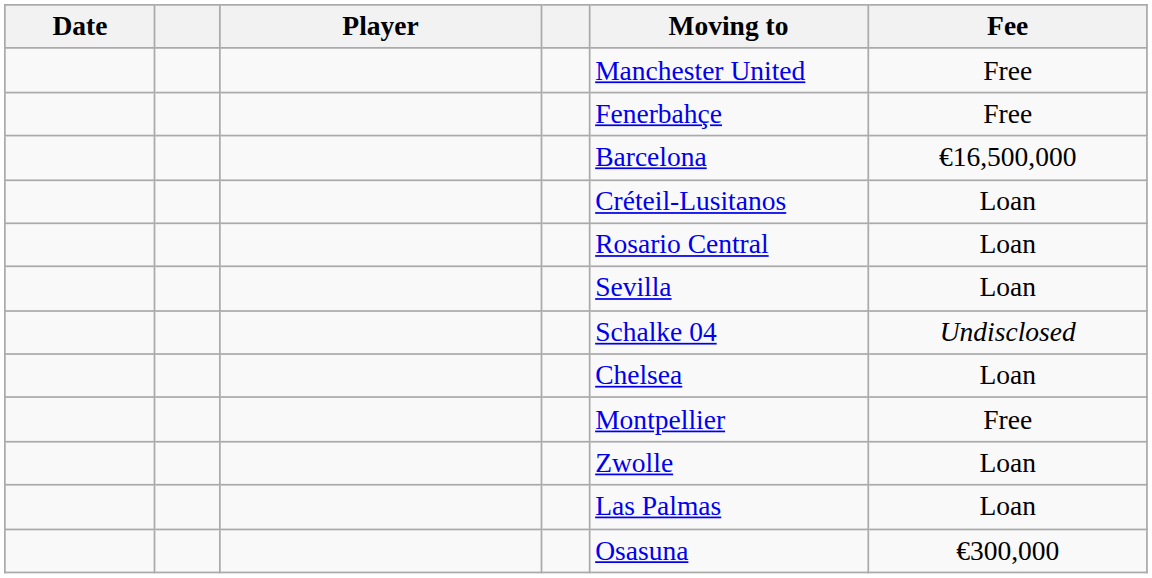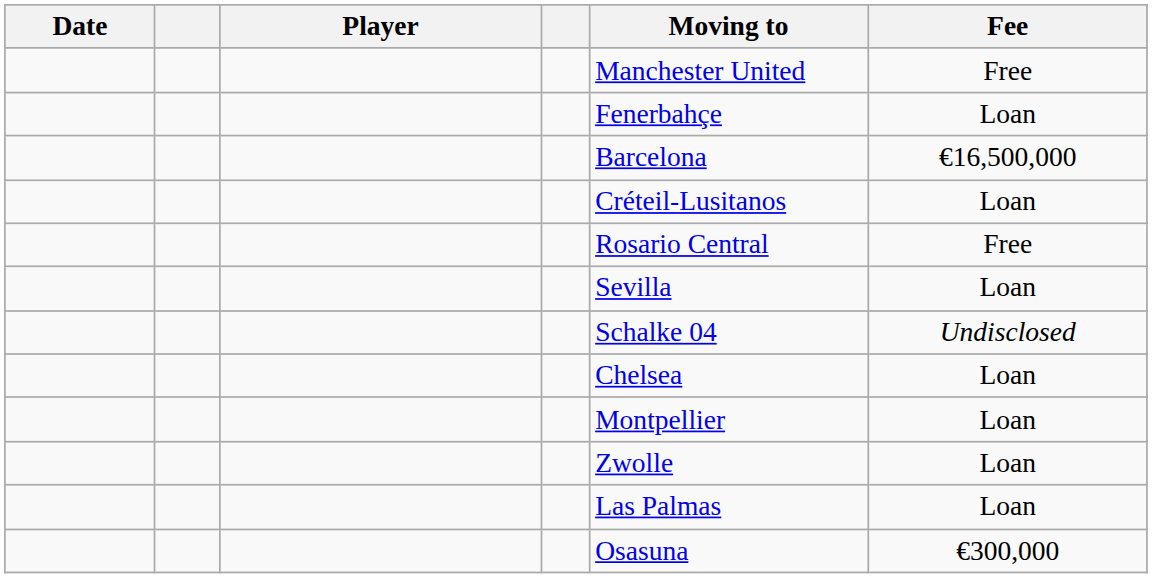 <table class="wikitable sortable">
 <tr>
 <th style="width:80px;">Date</th>
 <th style="width:30px;"></th>
 <th style="width:180px;">Player</th>
 <th style="width:20px;"></th>
 <th style="width:155px;">Moving to</th>
 <th style="width:155px;" class="unsortable">Fee</th>
 </tr>
 <tr>
 <td></td>
 <td align=center></td>
 <td> </td>
 <td></td>
 <td> <a href='#'>Manchester United</a></td>
 <td align=center>Free</td>
 </tr>
 <tr>
 <td></td>
 <td align=center></td>
 <td> </td>
 <td></td>
 <td> <a href='#'>Fenerbahçe</a></td>
-<td align=center>Free</td>
+<td align=center>Loan</td>
 </tr>
 <tr>
 <td></td>
 <td align=center></td>
 <td> </td>
 <td></td>
 <td> <a href='#'>Barcelona</a></td>
 <td align=center>€16,500,000</td>
 </tr>
 <tr>
 <td></td>
 <td align=center></td>
 <td> </td>
 <td></td>
 <td> <a href='#'>Créteil-Lusitanos</a></td>
 <td align=center>Loan</td>
 </tr>
 <tr>
 <td></td>
 <td align=center></td>
 <td> </td>
 <td></td>
 <td> <a href='#'>Rosario Central</a></td>
-<td align=center>Loan</td>
+<td align=center>Free</td>
 </tr>
 <tr>
 <td></td>
 <td align=center></td>
 <td> </td>
 <td></td>
 <td> <a href='#'>Sevilla</a></td>
 <td align=center>Loan</td>
 </tr>
 <tr>
 <td></td>
 <td align=center></td>
 <td> </td>
 <td></td>
 <td> <a href='#'>Schalke 04</a></td>
 <td align=center><em>Undisclosed</em></td>
 </tr>
 <tr>
 <td></td>
 <td align=center></td>
 <td> </td>
 <td></td>
 <td> <a href='#'>Chelsea</a></td>
 <td align=center>Loan</td>
 </tr>
 <tr>
 <td></td>
 <td align=center></td>
 <td> </td>
 <td></td>
 <td> <a href='#'>Montpellier</a></td>
-<td align=center>Free</td>
+<td align=center>Loan</td>
 </tr>
 <tr>
 <td></td>
 <td align=center></td>
 <td> </td>
 <td></td>
 <td> <a href='#'>Zwolle</a></td>
 <td align=center>Loan</td>
 </tr>
 <tr>
 <td></td>
 <td align=center></td>
 <td> </td>
 <td></td>
 <td> <a href='#'>Las Palmas</a></td>
 <td align=center>Loan</td>
 </tr>
 <tr>
 <td></td>
 <td align=center></td>
 <td> </td>
 <td></td>
 <td> <a href='#'>Osasuna</a></td>
 <td align=center>€300,000</td>
 </tr>
 </table>
